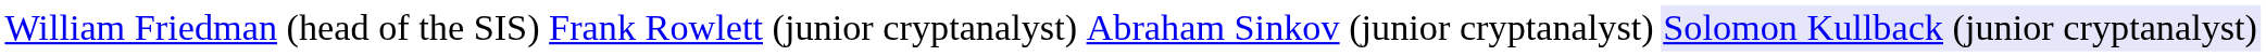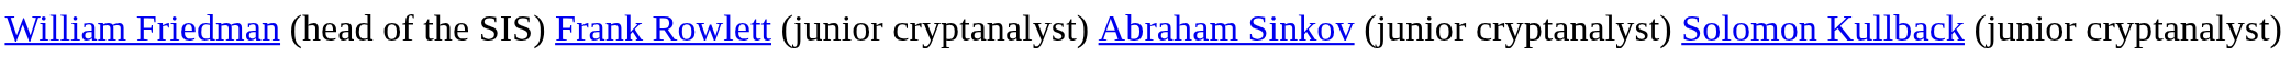 <table class="graytable">
 <tr>
 <td></td>
 <td></td>
 <td></td>
 <td></td>
 </tr>
 <tr>
 <td align="center"><a href='#'>William Friedman</a> (head of the SIS)</td>
 <td align="center"><a href='#'>Frank Rowlett</a> (junior cryptanalyst)</td>
 <td align="center"><a href='#'>Abraham Sinkov</a> (junior cryptanalyst)</td>
-<td align="center" style="background: lavender;"><a href='#'>Solomon Kullback</a> (junior cryptanalyst)</td>
+<td align="center"><a href='#'>Solomon Kullback</a> (junior cryptanalyst)</td>
 </tr>
 </table>
